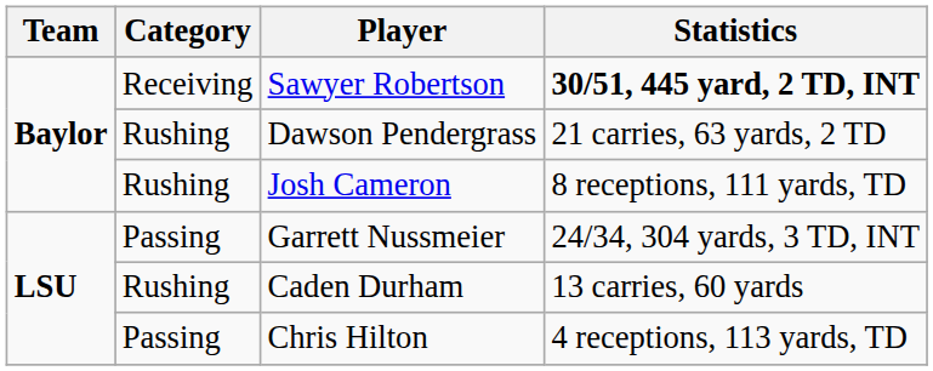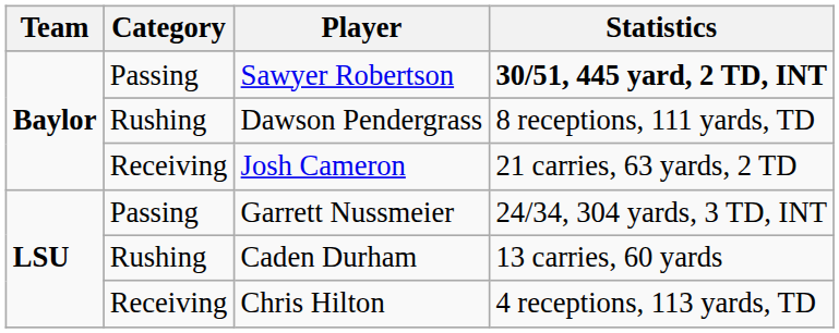 <table class="wikitable" style="float: right;">
 <tr>
 <th>Team</th>
 <th>Category</th>
 <th>Player</th>
 <th>Statistics</th>
 </tr>
 <tr>
 <td rowspan=3><strong>Baylor</strong></td>
-<td>Receiving</td>
+<td>Passing</td>
 <td><a href='#'>Sawyer Robertson</a></td>
 <td><strong>30/51, 445 yard, 2 TD, INT</strong></td>
 </tr>
 <tr>
 <td>Rushing</td>
 <td>Dawson Pendergrass</td>
-<td>21 carries, 63 yards, 2 TD</td>
+<td>8 receptions, 111 yards, TD</td>
 </tr>
 <tr>
-<td>Rushing</td>
+<td>Receiving</td>
 <td><a href='#'>Josh Cameron</a></td>
-<td>8 receptions, 111 yards, TD</td>
+<td>21 carries, 63 yards, 2 TD</td>
 </tr>
 <tr>
 <td rowspan=3><strong>LSU</strong></td>
 <td>Passing</td>
 <td>Garrett Nussmeier</td>
 <td>24/34, 304 yards, 3 TD, INT</td>
 </tr>
 <tr>
 <td>Rushing</td>
 <td>Caden Durham</td>
 <td>13 carries, 60 yards</td>
 </tr>
 <tr>
-<td>Passing</td>
+<td>Receiving</td>
 <td>Chris Hilton</td>
 <td>4 receptions, 113 yards, TD</td>
 </tr>
 </table>
